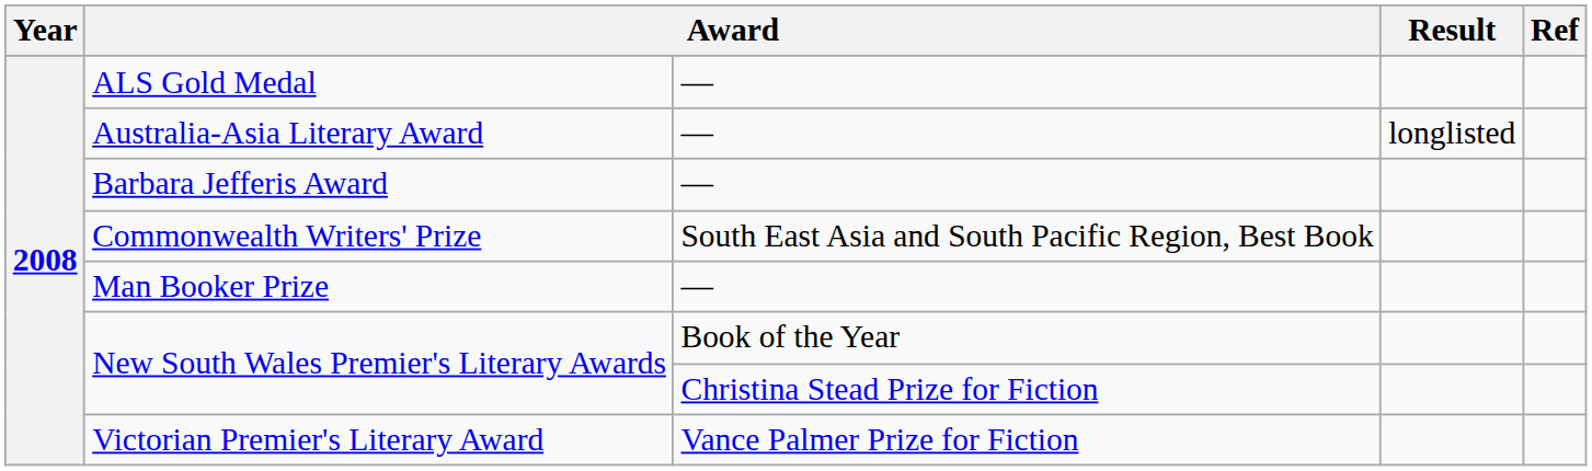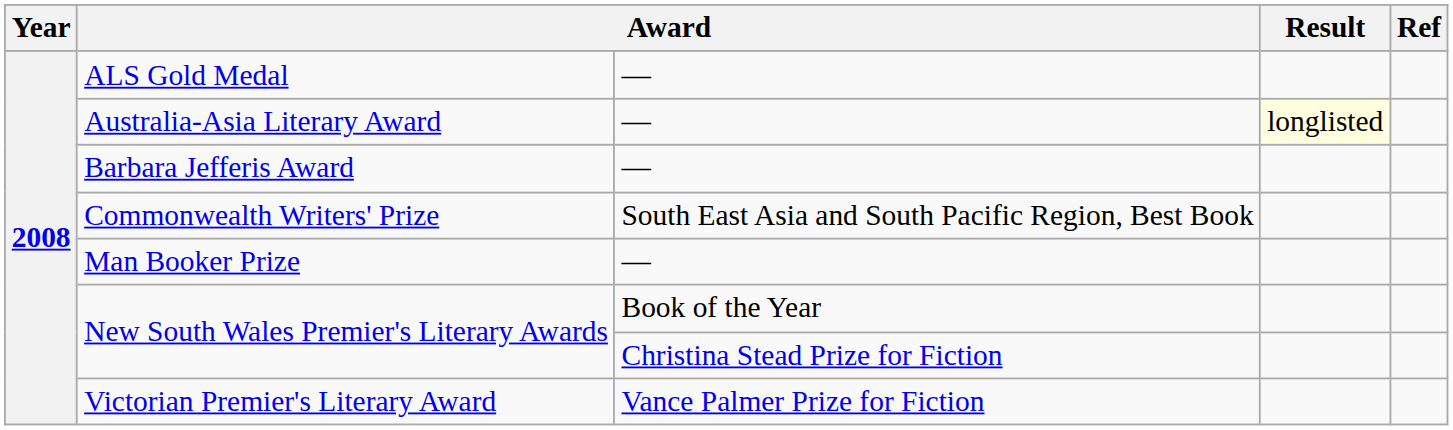 <table class="wikitable">
 <tr>
 <th>Year</th>
 <th colspan="2">Award</th>
 <th>Result</th>
 <th>Ref</th>
 </tr>
 <tr>
 <th rowspan="8"><a href='#'>2008</a></th>
 <td><a href='#'>ALS Gold Medal</a></td>
 <td>—</td>
 <td></td>
 <td></td>
 </tr>
 <tr>
 <td><a href='#'>Australia-Asia Literary Award</a></td>
 <td>—</td>
-<td>longlisted</td>
+<td style="background: lightyellow;">longlisted</td>
 <td></td>
 </tr>
 <tr>
 <td><a href='#'>Barbara Jefferis Award</a></td>
 <td>—</td>
 <td></td>
 <td></td>
 </tr>
 <tr>
 <td><a href='#'>Commonwealth Writers' Prize</a></td>
 <td>South East Asia and South Pacific Region, Best Book</td>
 <td></td>
 <td></td>
 </tr>
 <tr>
 <td><a href='#'>Man Booker Prize</a></td>
 <td>—</td>
 <td></td>
 <td></td>
 </tr>
 <tr>
 <td rowspan="2"><a href='#'>New South Wales Premier's Literary Awards</a></td>
 <td>Book of the Year</td>
 <td></td>
 <td></td>
 </tr>
 <tr>
 <td><a href='#'>Christina Stead Prize for Fiction</a></td>
 <td></td>
 <td></td>
 </tr>
 <tr>
 <td><a href='#'>Victorian Premier's Literary Award</a></td>
 <td><a href='#'>Vance Palmer Prize for Fiction</a></td>
 <td></td>
 <td></td>
 </tr>
 </table>
